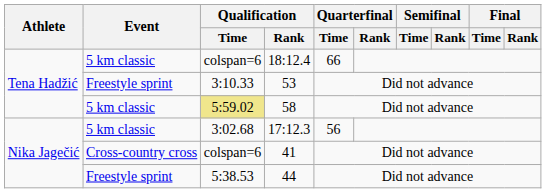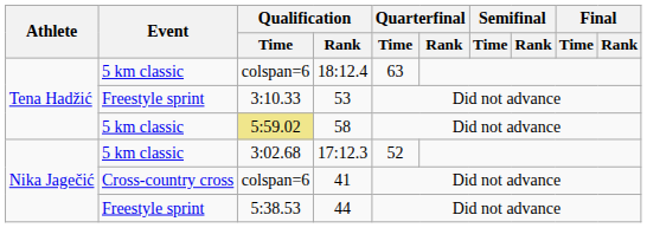 <table class="wikitable" style="font-size:90%">
 <tr>
 <th rowspan="2">Athlete</th>
 <th rowspan="2">Event</th>
 <th colspan="2">Qualification</th>
 <th colspan="2">Quarterfinal</th>
 <th colspan="2">Semifinal</th>
 <th colspan="2">Final</th>
 </tr>
 <tr style="font-size:95%">
 <th>Time</th>
 <th>Rank</th>
 <th>Time</th>
 <th>Rank</th>
 <th>Time</th>
 <th>Rank</th>
 <th>Time</th>
 <th>Rank</th>
 </tr>
 <tr align=center>
 <td align=left rowspan=3><a href='#'>Tena Hadžić</a></td>
 <td align=left><a href='#'>5 km classic</a></td>
 <td>colspan=6 </td>
 <td>18:12.4</td>
-<td>66</td>
+<td>63</td>
 </tr>
 <tr align=center>
 <td align=left><a href='#'>Freestyle sprint</a></td>
 <td>3:10.33</td>
 <td>53</td>
 <td colspan=6>Did not advance</td>
 </tr>
 <tr align=center>
 <td align=left><a href='#'>5 km classic</a></td>
 <td style="background: khaki;">5:59.02</td>
 <td>58</td>
 <td colspan=6>Did not advance</td>
 </tr>
 <tr align=center>
 <td align=left rowspan=3><a href='#'>Nika Jagečić</a></td>
 <td align=left><a href='#'>5 km classic</a></td>
 <td>3:02.68</td>
 <td>17:12.3</td>
-<td>56</td>
+<td>52</td>
 </tr>
 <tr align=center>
 <td align=left><a href='#'>Cross-country cross</a></td>
 <td>colspan=6 </td>
 <td>41</td>
 <td colspan=6>Did not advance</td>
 </tr>
 <tr align=center>
 <td align=left><a href='#'>Freestyle sprint</a></td>
 <td>5:38.53</td>
 <td>44</td>
 <td colspan=6>Did not advance</td>
 </tr>
 </table>
